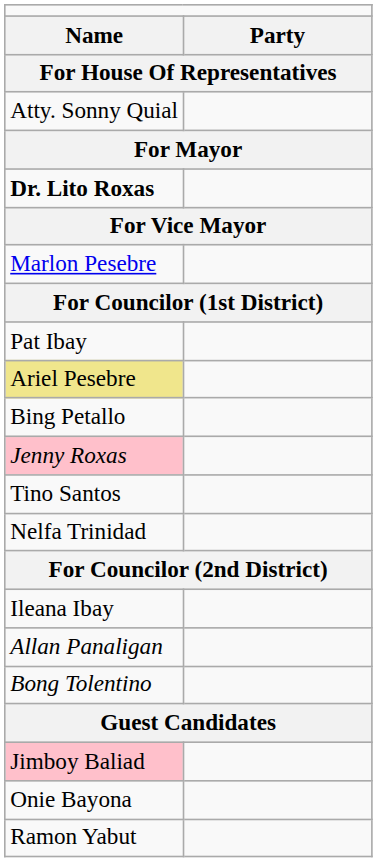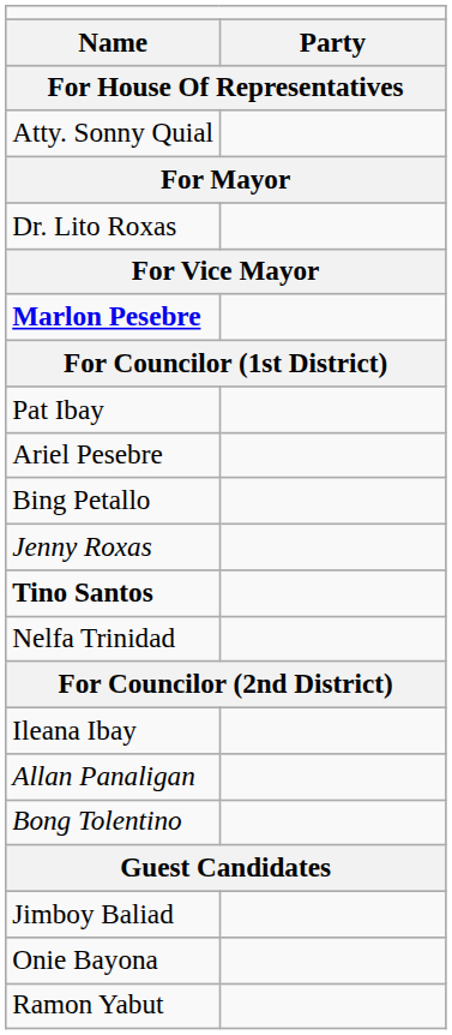 <table class="wikitable" style="font-size:90%">
 <tr>
 <td colspan="5" style="color:inherit;background:"></td>
 </tr>
 <tr>
 <th !width=150px>Name</th>
 <th colspan=2 width=110px>Party</th>
 </tr>
 <tr>
 <th colspan="3">For House Of Representatives</th>
 </tr>
 <tr>
 <td>Atty. Sonny Quial</td>
 <td></td>
 </tr>
 <tr>
 <th colspan="3">For Mayor</th>
 </tr>
 <tr>
-<td><strong>Dr. Lito Roxas</strong></td>
+<td>Dr. Lito Roxas</td>
 <td></td>
 </tr>
 <tr>
 <th colspan="3">For Vice Mayor</th>
 </tr>
 <tr>
-<td><a href='#'>Marlon Pesebre</a></td>
+<td><strong><a href='#'>Marlon Pesebre</a></strong></td>
 <td></td>
 </tr>
 <tr>
 <th colspan="3">For Councilor (1st District)</th>
 </tr>
 <tr>
 <td>Pat Ibay</td>
 <td></td>
 </tr>
 <tr>
-<td style="background: khaki;">Ariel Pesebre</td>
+<td>Ariel Pesebre</td>
 <td></td>
 </tr>
 <tr>
 <td>Bing Petallo</td>
 <td></td>
 </tr>
 <tr>
-<td style="background: pink;"><em>Jenny Roxas</em></td>
+<td><em>Jenny Roxas</em></td>
 <td></td>
 </tr>
 <tr>
-<td>Tino Santos</td>
+<td><strong>Tino Santos</strong></td>
 <td></td>
 </tr>
 <tr>
 <td>Nelfa Trinidad</td>
 <td></td>
 </tr>
 <tr>
 <th colspan="3">For Councilor (2nd District)</th>
 </tr>
 <tr>
 <td>Ileana Ibay</td>
 <td></td>
 </tr>
 <tr>
 <td><em>Allan Panaligan</em></td>
 <td></td>
 </tr>
 <tr>
 <td><em>Bong Tolentino</em></td>
 <td></td>
 </tr>
 <tr>
 <th colspan="3">Guest Candidates</th>
 </tr>
 <tr>
-<td style="background: pink;">Jimboy Baliad</td>
+<td>Jimboy Baliad</td>
 <td></td>
 </tr>
 <tr>
 <td>Onie Bayona</td>
 <td></td>
 </tr>
 <tr>
 <td>Ramon Yabut</td>
 <td></td>
 </tr>
 </table>
